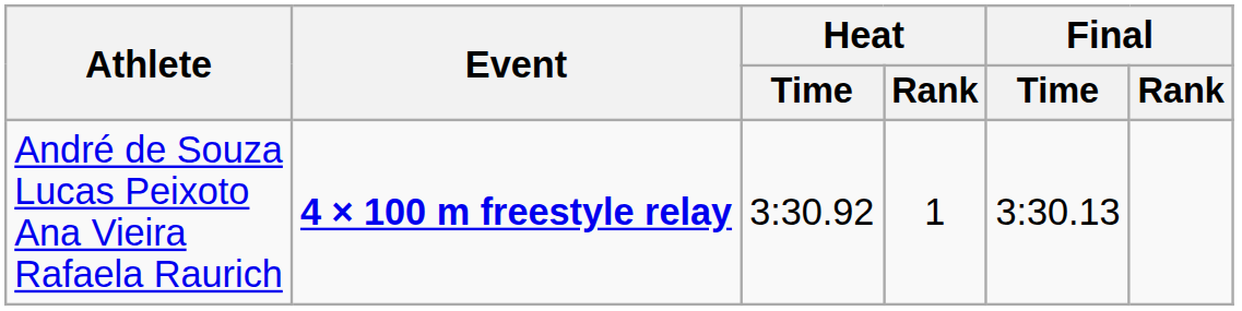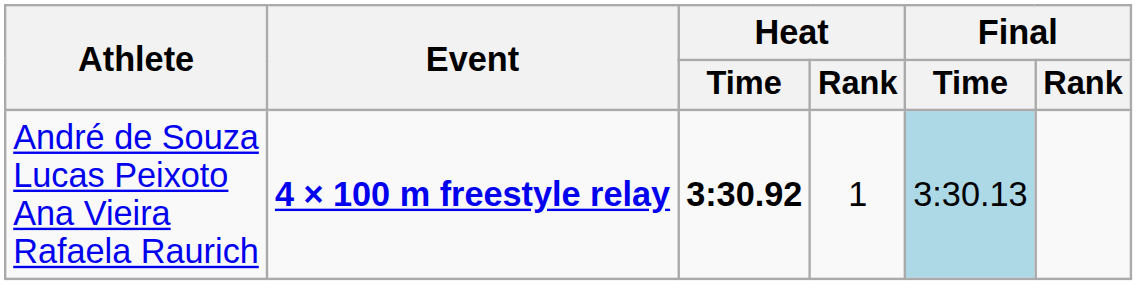 <table class=wikitable style="font-size:90%">
 <tr>
 <th rowspan=2>Athlete</th>
 <th rowspan=2>Event</th>
 <th colspan="2">Heat</th>
 <th colspan="2">Final</th>
 </tr>
 <tr style="font-size:95%">
 <th>Time</th>
 <th>Rank</th>
 <th>Time</th>
 <th>Rank</th>
 </tr>
 <tr align=center>
 <td align=left><a href='#'>André de Souza</a><br><a href='#'>Lucas Peixoto</a><br><a href='#'>Ana Vieira</a><br><a href='#'>Rafaela Raurich</a></td>
 <td align=left><strong><a href='#'>4 × 100 m freestyle relay</a></strong></td>
-<td>3:30.92</td>
+<td><strong>3:30.92</strong></td>
 <td>1</td>
-<td>3:30.13</td>
+<td style="background: lightblue;">3:30.13</td>
 <td></td>
 </tr>
 </table>
